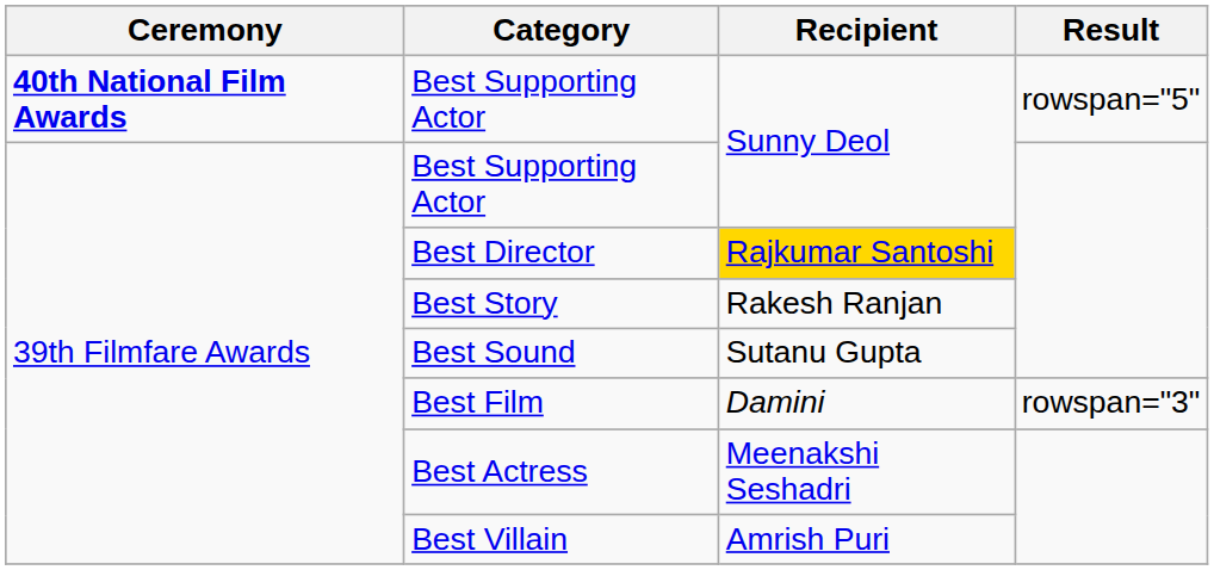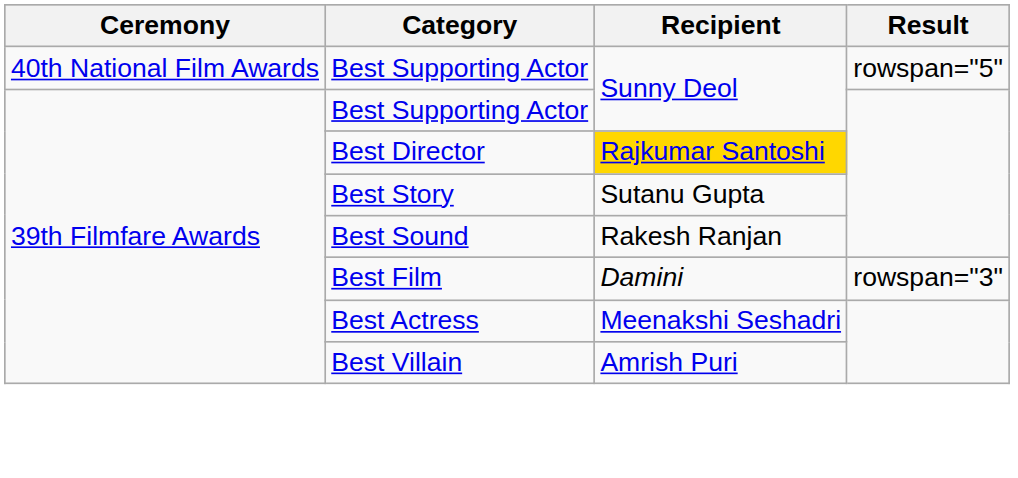 <table class="wikitable">
 <tr>
 <th>Ceremony</th>
 <th>Category</th>
 <th>Recipient</th>
 <th>Result</th>
 </tr>
 <tr>
-<td><strong><a href='#'>40th National Film Awards</a></strong></td>
+<td><a href='#'>40th National Film Awards</a></td>
 <td><a href='#'>Best Supporting Actor</a></td>
 <td rowspan="2"><a href='#'>Sunny Deol</a></td>
 <td>rowspan="5" </td>
 </tr>
 <tr>
 <td rowspan="7"><a href='#'>39th Filmfare Awards</a></td>
 <td><a href='#'>Best Supporting Actor</a></td>
 </tr>
 <tr>
 <td><a href='#'>Best Director</a></td>
 <td style="background: gold;"><a href='#'>Rajkumar Santoshi</a></td>
 </tr>
 <tr>
 <td><a href='#'>Best Story</a></td>
-<td>Rakesh Ranjan</td>
+<td>Sutanu Gupta</td>
 </tr>
 <tr>
 <td><a href='#'>Best Sound</a></td>
-<td>Sutanu Gupta</td>
+<td>Rakesh Ranjan</td>
 </tr>
 <tr>
 <td><a href='#'>Best Film</a></td>
 <td><em>Damini</em></td>
 <td>rowspan="3" </td>
 </tr>
 <tr>
 <td><a href='#'>Best Actress</a></td>
 <td><a href='#'>Meenakshi Seshadri</a></td>
 </tr>
 <tr>
 <td><a href='#'>Best Villain</a></td>
 <td><a href='#'>Amrish Puri</a></td>
 </tr>
 </table>
